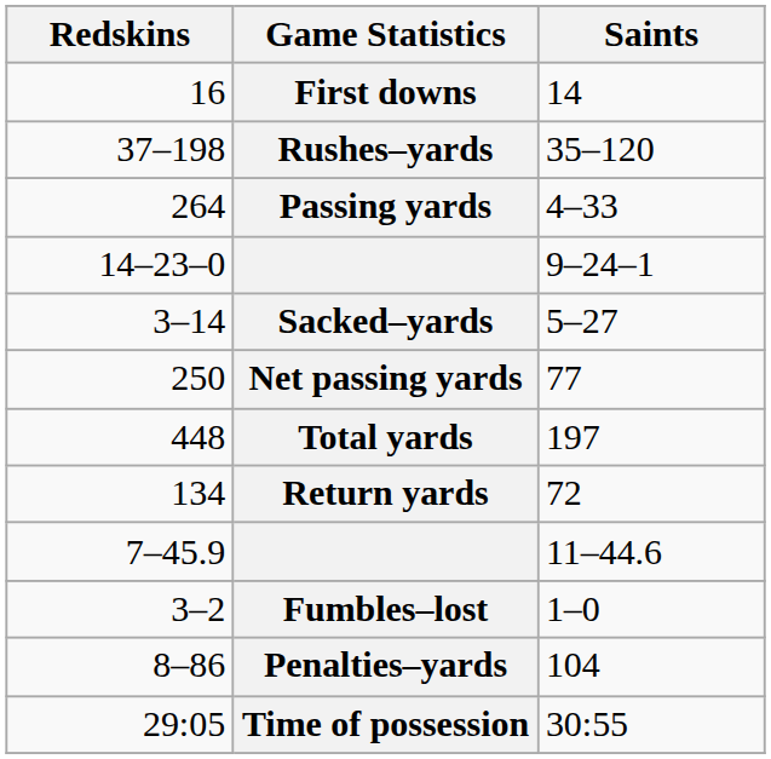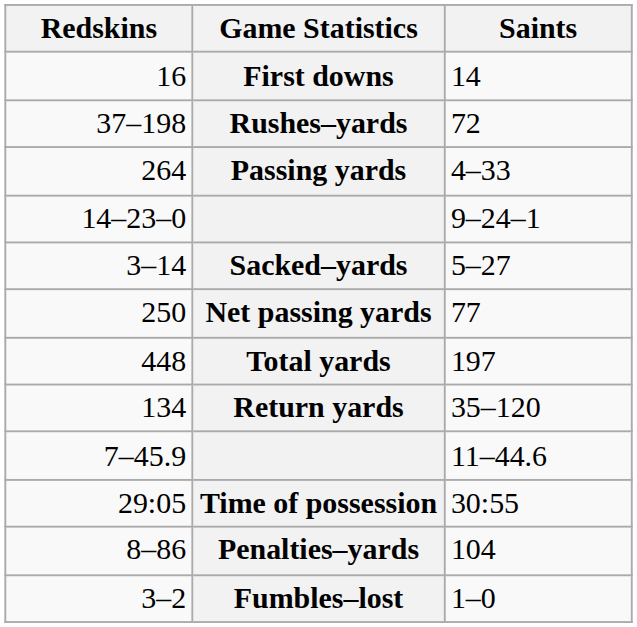 <table class="wikitable" style="margin: 1em auto 1em auto">
 <tr>
 <th style="width:30%;">Redskins</th>
 <th style="width:40%;">Game Statistics</th>
 <th style="width:30%;">Saints</th>
 </tr>
 <tr>
 <td style="text-align:right;">16</td>
 <th>First downs</th>
 <td>14</td>
 </tr>
 <tr>
 <td style="text-align:right;">37–198</td>
 <th>Rushes–yards</th>
-<td>35–120</td>
+<td>72</td>
 </tr>
 <tr>
 <td style="text-align:right;">264</td>
 <th>Passing yards</th>
 <td>4–33</td>
 </tr>
 <tr>
 <td style="text-align:right;">14–23–0</td>
 <th></th>
 <td>9–24–1</td>
 </tr>
 <tr>
 <td style="text-align:right;">3–14</td>
 <th>Sacked–yards</th>
 <td>5–27</td>
 </tr>
 <tr>
 <td style="text-align:right;">250</td>
 <th>Net passing yards</th>
 <td>77</td>
 </tr>
 <tr>
 <td style="text-align:right;">448</td>
 <th>Total yards</th>
 <td>197</td>
 </tr>
 <tr>
 <td style="text-align:right;">134</td>
 <th>Return yards</th>
-<td>72</td>
+<td>35–120</td>
 </tr>
 <tr>
 <td style="text-align:right;">7–45.9</td>
 <th></th>
 <td>11–44.6</td>
 </tr>
 <tr>
-<td style="text-align:right;">3–2</td>
-<th>Fumbles–lost</th>
-<td>1–0</td>
+<td style="text-align:right;">29:05</td>
+<th>Time of possession</th>
+<td>30:55</td>
 </tr>
 <tr>
 <td style="text-align:right;">8–86</td>
 <th>Penalties–yards</th>
 <td>104</td>
 </tr>
 <tr>
-<td style="text-align:right;">29:05</td>
-<th>Time of possession</th>
-<td>30:55</td>
+<td style="text-align:right;">3–2</td>
+<th>Fumbles–lost</th>
+<td>1–0</td>
 </tr>
 </table>
